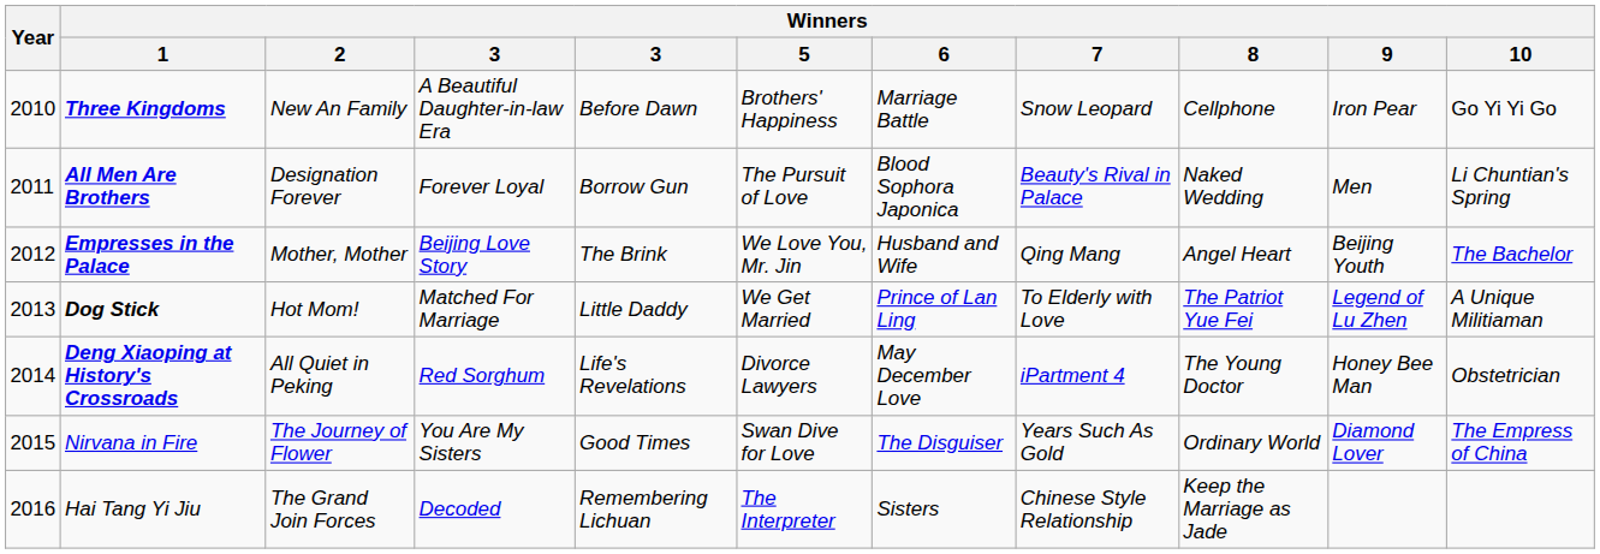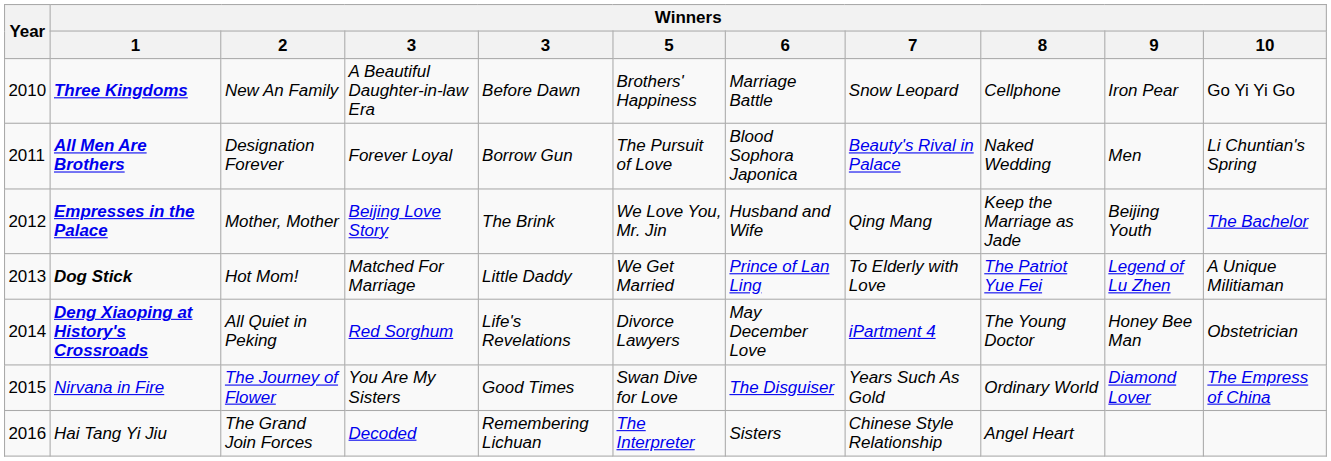 <table class="wikitable">
 <tr>
 <th rowspan=2>Year</th>
 <th colspan=10>Winners</th>
 </tr>
 <tr>
 <th>1</th>
 <th>2</th>
 <th>3</th>
 <th>3</th>
 <th>5</th>
 <th>6</th>
 <th>7</th>
 <th>8</th>
 <th>9</th>
 <th>10</th>
 </tr>
 <tr>
 <td>2010</td>
 <td><strong><em><a href='#'>Three Kingdoms</a></em></strong></td>
 <td><em>New An Family</em></td>
 <td><em>A Beautiful Daughter-in-law Era</em></td>
 <td><em>Before Dawn</em></td>
 <td><em>Brothers' Happiness</em></td>
 <td><em>Marriage Battle</em></td>
 <td><em>Snow Leopard</em></td>
 <td><em>Cellphone</em></td>
 <td><em>Iron Pear</em></td>
 <td>Go Yi Yi Go</td>
 </tr>
 <tr>
 <td>2011</td>
 <td><strong><em><a href='#'>All Men Are Brothers</a></em></strong></td>
 <td><em>Designation Forever</em></td>
 <td><em>Forever Loyal</em></td>
 <td><em>Borrow Gun</em></td>
 <td><em>The Pursuit of Love</em></td>
 <td><em>Blood Sophora Japonica</em></td>
 <td><em><a href='#'>Beauty's Rival in Palace</a></em></td>
 <td><em>Naked Wedding</em></td>
 <td><em>Men</em></td>
 <td><em>Li Chuntian's Spring</em></td>
 </tr>
 <tr>
 <td>2012</td>
 <td><strong><em><a href='#'>Empresses in the Palace</a></em></strong></td>
 <td><em>Mother, Mother</em></td>
 <td><em><a href='#'>Beijing Love Story</a></em></td>
 <td><em>The Brink</em></td>
 <td><em>We Love You, Mr. Jin</em></td>
 <td><em>Husband and Wife</em></td>
 <td><em>Qing Mang</em></td>
-<td><em>Angel Heart</em></td>
+<td><em>Keep the Marriage as Jade</em></td>
 <td><em>Beijing Youth</em></td>
 <td><em><a href='#'>The Bachelor</a></em></td>
 </tr>
 <tr>
 <td>2013</td>
 <td><strong><em>Dog Stick</em></strong></td>
 <td><em>Hot Mom!</em></td>
 <td><em>Matched For Marriage</em></td>
 <td><em>Little Daddy</em></td>
 <td><em>We Get Married</em></td>
 <td><em><a href='#'>Prince of Lan Ling</a></em></td>
 <td><em>To Elderly with Love</em></td>
 <td><em><a href='#'>The Patriot Yue Fei</a></em></td>
 <td><em><a href='#'>Legend of Lu Zhen</a></em></td>
 <td><em>A Unique Militiaman</em></td>
 </tr>
 <tr>
 <td>2014</td>
 <td><strong><em><a href='#'>Deng Xiaoping at History's Crossroads</a></em></strong></td>
 <td><em>All Quiet in Peking</em></td>
 <td><em><a href='#'>Red Sorghum</a></em></td>
 <td><em>Life's Revelations</em></td>
 <td><em>Divorce Lawyers</em></td>
 <td><em>May December Love</em></td>
 <td><em><a href='#'>iPartment 4</a></em></td>
 <td><em>The Young Doctor</em></td>
 <td><em>Honey Bee Man</em></td>
 <td><em>Obstetrician</em></td>
 </tr>
 <tr>
 <td>2015</td>
 <td><em><a href='#'>Nirvana in Fire</a></em></td>
 <td><em><a href='#'>The Journey of Flower</a></em></td>
 <td><em>You Are My Sisters</em></td>
 <td><em>Good Times</em></td>
 <td><em>Swan Dive for Love</em></td>
 <td><em><a href='#'>The Disguiser</a></em></td>
 <td><em>Years Such As Gold</em></td>
 <td><em>Ordinary World</em></td>
 <td><em><a href='#'>Diamond Lover</a></em></td>
 <td><em><a href='#'>The Empress of China</a></em></td>
 </tr>
 <tr>
 <td>2016</td>
 <td><em>Hai Tang Yi Jiu</em></td>
 <td><em>The Grand Join Forces</em></td>
 <td><em><a href='#'>Decoded</a></em></td>
 <td><em>Remembering Lichuan</em></td>
 <td><em><a href='#'>The Interpreter</a></em></td>
 <td><em>Sisters</em></td>
 <td><em>Chinese Style Relationship</em></td>
-<td><em>Keep the Marriage as Jade</em></td>
+<td><em>Angel Heart</em></td>
 <td></td>
 <td></td>
 </tr>
 </table>
